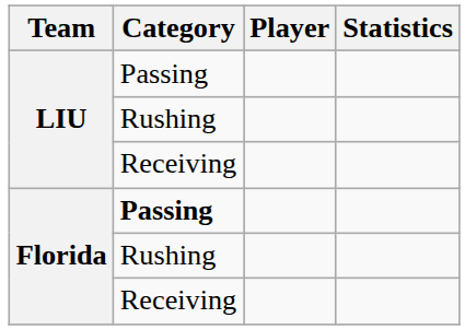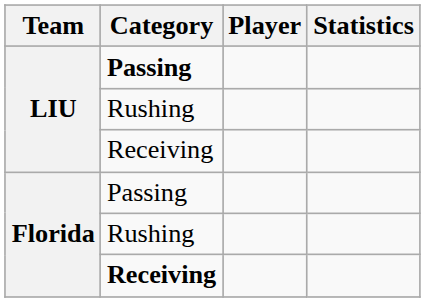 <table class="wikitable" style="float:right">
 <tr>
 <th>Team</th>
 <th>Category</th>
 <th>Player</th>
 <th>Statistics</th>
 </tr>
 <tr>
 <th rowspan=3>LIU</th>
-<td>Passing</td>
+<td><strong>Passing</strong></td>
 <td></td>
 <td></td>
 </tr>
 <tr>
 <td>Rushing</td>
 <td></td>
 <td></td>
 </tr>
 <tr>
 <td>Receiving</td>
 <td></td>
 <td></td>
 </tr>
 <tr>
 <th rowspan=3>Florida</th>
-<td><strong>Passing</strong></td>
+<td>Passing</td>
 <td></td>
 <td></td>
 </tr>
 <tr>
 <td>Rushing</td>
 <td></td>
 <td></td>
 </tr>
 <tr>
-<td>Receiving</td>
+<td><strong>Receiving</strong></td>
 <td></td>
 <td></td>
 </tr>
 </table>
